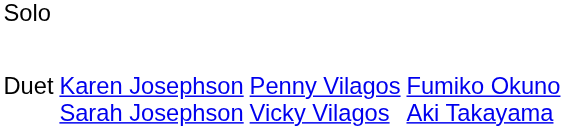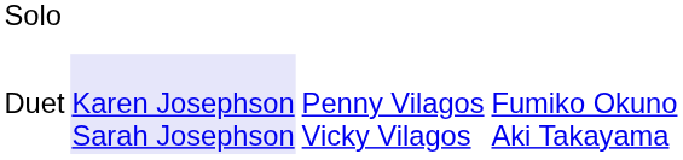 <table>
 <tr>
 <td>Solo<br></td>
 <td><br><br></td>
 <td></td>
 <td></td>
 </tr>
 <tr>
 <td>Duet<br></td>
-<td><br><a href='#'>Karen Josephson</a><br><a href='#'>Sarah Josephson</a></td>
+<td style="background: lavender;"><br><a href='#'>Karen Josephson</a><br><a href='#'>Sarah Josephson</a></td>
 <td><br><a href='#'>Penny Vilagos</a><br><a href='#'>Vicky Vilagos</a></td>
 <td><br><a href='#'>Fumiko Okuno</a><br><a href='#'>Aki Takayama</a></td>
 </tr>
 </table>
